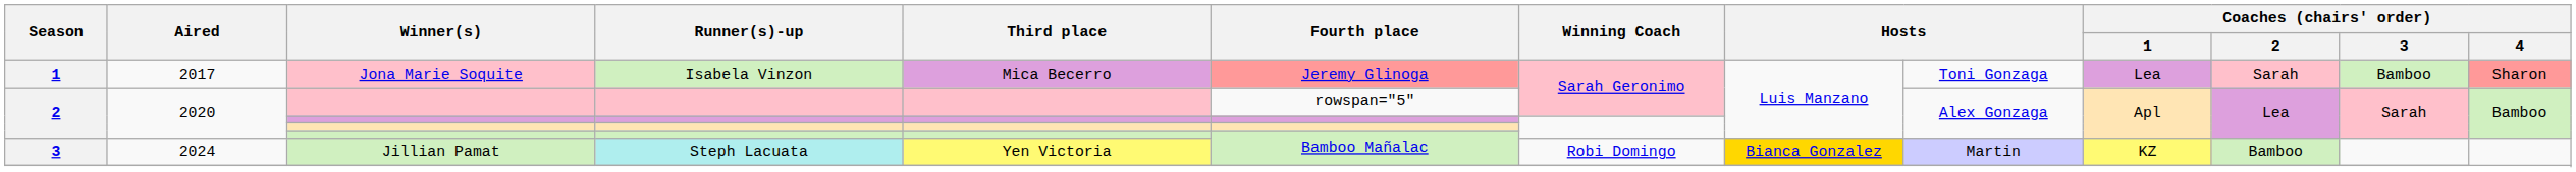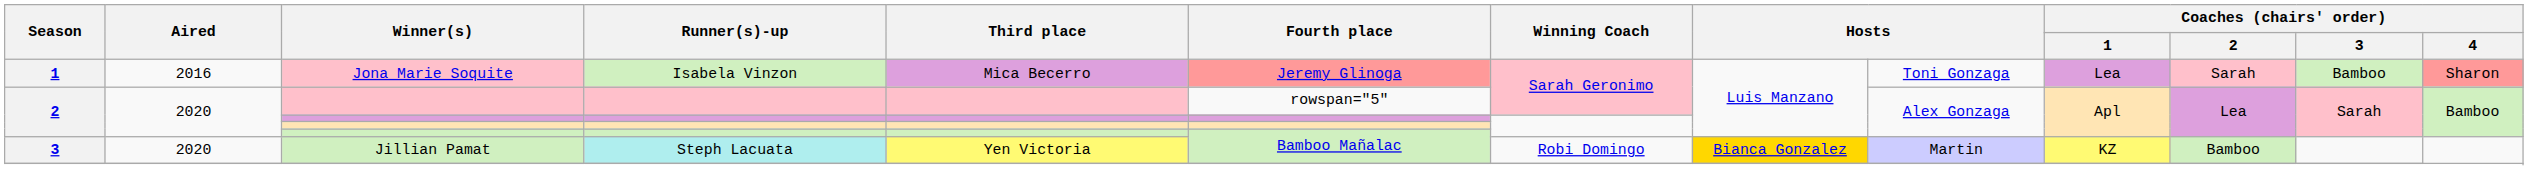 <table class="wikitable" style="text-align:center; font-size:90%; line-height:16px; width:100%;">
 <tr>
 <th rowspan="2" width="04%">Season</th>
 <th rowspan="2" width="07%">Aired</th>
 <th rowspan="2" width="12%">Winner(s)</th>
 <th rowspan="2" width="12%">Runner(s)-up</th>
 <th rowspan="2" width="12%">Third place</th>
 <th rowspan="2" width="12%">Fourth place</th>
 <th rowspan="2" width="08%">Winning Coach</th>
 <th colspan="2" rowspan="2" width="14%">Hosts</th>
 <th width="20%" colspan="4">Coaches (chairs' order)</th>
 </tr>
 <tr>
 <th style="width:05%">1</th>
 <th style="width:05%">2</th>
 <th style="width:05%">3</th>
 <th style="width:05%">4</th>
 </tr>
 <tr>
 <th><a href='#'>1</a></th>
-<td>2017</td>
+<td>2016</td>
 <td style="background:pink;"><a href='#'>Jona Marie Soquite</a></td>
 <td style="background:#d0f0c0;">Isabela Vinzon</td>
 <td width="09%" style="background:#dda0dd;">Mica Becerro</td>
 <td width="09%" style="background:#ff9999;"><a href='#'>Jeremy Glinoga</a></td>
 <td rowspan="2" style="background:pink;"><a href='#'>Sarah Geronimo</a></td>
 <td rowspan="5" width="07%"><a href='#'>Luis Manzano</a></td>
 <td width="07%" rowspan="1"><a href='#'>Toni Gonzaga</a></td>
 <td rowspan="1" style="background:#dda0dd;">Lea</td>
 <td rowspan="1" style="background:pink;">Sarah</td>
 <td rowspan="1" style="background:#d0f0c0;">Bamboo</td>
 <td rowspan="1" style="background:#ff9999;">Sharon</td>
 </tr>
 <tr>
 <th rowspan="4"><a href='#'>2</a></th>
 <td rowspan="4">2020</td>
 <td style="background:pink"></td>
 <td style="background:pink"></td>
 <td style="background:pink"></td>
 <td>rowspan="5" </td>
 <td rowspan="4"><a href='#'>Alex Gonzaga</a></td>
 <td rowspan="4" style="background:#ffe5b4;">Apl</td>
 <td rowspan="4" style="background:#dda0dd;">Lea</td>
 <td rowspan="4" style="background:pink;">Sarah</td>
 <td rowspan="4" style="background:#d0f0c0;">Bamboo</td>
 </tr>
 <tr>
 <td style="background:#dda0dd;"></td>
 <td style="background:#dda0dd;"></td>
 <td style="background:#dda0dd;"></td>
 <td style="background:#dda0dd;"><a href='#'></a></td>
 </tr>
 <tr>
 <td style="background:#ffe5b4;"></td>
 <td style="background:#ffe5b4;"></td>
 <td style="background:#ffe5b4;"></td>
 <td style="background:#ffe5b4;"><a href='#'></a></td>
 </tr>
 <tr>
 <td style="background:#d0f0c0;"></td>
 <td style="background:#d0f0c0;"></td>
 <td style="background:#d0f0c0;"></td>
 <td rowspan="2" style="background:#d0f0c0;"><a href='#'>Bamboo Mañalac</a></td>
 </tr>
 <tr>
 <th><a href='#'>3</a></th>
-<td>2024</td>
+<td>2020</td>
 <td style="background:#d0f0c0;">Jillian Pamat</td>
 <td style="background:#afeeee;">Steph Lacuata</td>
 <td style="background:#fffa73;">Yen Victoria</td>
 <td><a href='#'>Robi Domingo</a></td>
 <td style="background: gold;"><a href='#'>Bianca Gonzalez</a></td>
 <td rowspan="1" style="background:#ccf;">Martin</td>
 <td rowspan="1" style="background:#fffa73;">KZ</td>
 <td rowspan="1" style="background:#d0f0c0;">Bamboo</td>
 <td></td>
 </tr>
 <tr>
 </tr>
 </table>
